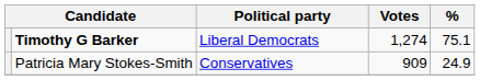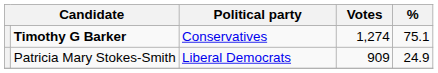 <table class="wikitable">
 <tr>
 <th valign=top colspan="2" style="width: 180px">Candidate</th>
 <th valign=top style="width: 180px">Political party</th>
 <th valign=top style="width: 60px">Votes</th>
 <th valign=top style="width: 40px">%</th>
 </tr>
 <tr>
 <th style="background-color: "></th>
 <td><strong>Timothy G Barker</strong></td>
-<td><a href='#'>Liberal Democrats</a></td>
+<td><a href='#'>Conservatives</a></td>
 <td align="right">1,274</td>
 <td align="right">75.1</td>
 </tr>
 <tr>
 <th style="background-color: "></th>
 <td>Patricia Mary Stokes-Smith</td>
-<td><a href='#'>Conservatives</a></td>
+<td><a href='#'>Liberal Democrats</a></td>
 <td align="right">909</td>
 <td align="right">24.9</td>
 </tr>
 <tr>
 </tr>
 </table>
